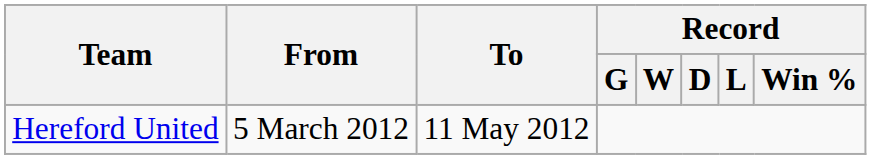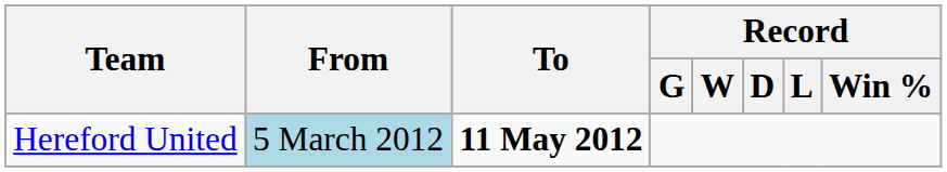 <table class="wikitable" style="text-align: center">
 <tr>
 <th rowspan="2">Team</th>
 <th rowspan="2">From</th>
 <th rowspan="2">To</th>
 <th colspan="5">Record</th>
 </tr>
 <tr>
 <th>G</th>
 <th>W</th>
 <th>D</th>
 <th>L</th>
 <th>Win %</th>
 </tr>
 <tr>
 <td align=left><a href='#'>Hereford United</a></td>
-<td align=left>5 March 2012</td>
-<td align=left>11 May 2012<br></td>
+<td align=left style="background: lightblue;">5 March 2012</td>
+<td align=left><strong>11 May 2012<br></strong></td>
 </tr>
 </table>
